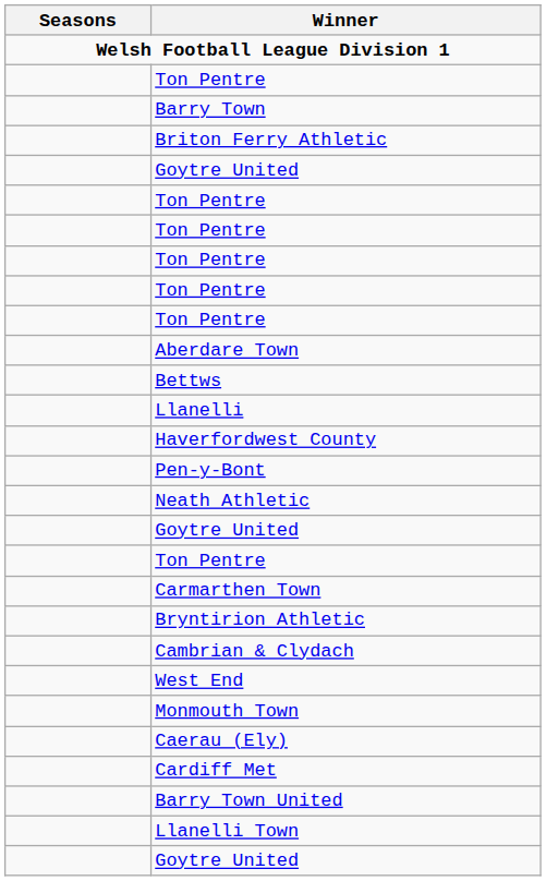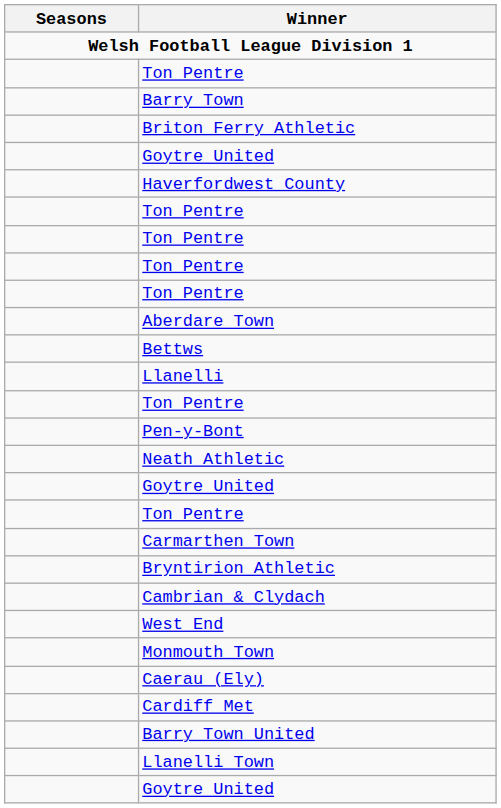 <table class="wikitable" style="width:30%">
 <tr>
 <th style="width:6%;">Seasons</th>
 <th style="width:24%;">Winner</th>
 </tr>
 <tr>
 <td colspan="2" style="text-align:center;"><strong>Welsh Football League Division 1</strong></td>
 </tr>
 <tr>
 <td></td>
 <td><a href='#'>Ton Pentre</a></td>
 </tr>
 <tr>
 <td></td>
 <td><a href='#'>Barry Town</a></td>
 </tr>
 <tr>
 <td></td>
 <td><a href='#'>Briton Ferry Athletic</a></td>
 </tr>
 <tr>
 <td></td>
 <td><a href='#'>Goytre United</a></td>
 </tr>
 <tr>
 <td></td>
-<td><a href='#'>Ton Pentre</a></td>
+<td><a href='#'>Haverfordwest County</a></td>
 </tr>
 <tr>
 <td></td>
 <td><a href='#'>Ton Pentre</a></td>
 </tr>
 <tr>
 <td></td>
 <td><a href='#'>Ton Pentre</a></td>
 </tr>
 <tr>
 <td></td>
 <td><a href='#'>Ton Pentre</a></td>
 </tr>
 <tr>
 <td></td>
 <td><a href='#'>Ton Pentre</a></td>
 </tr>
 <tr>
 <td></td>
 <td><a href='#'>Aberdare Town</a></td>
 </tr>
 <tr>
 <td></td>
 <td><a href='#'>Bettws</a></td>
 </tr>
 <tr>
 <td></td>
 <td><a href='#'>Llanelli</a></td>
 </tr>
 <tr>
 <td></td>
-<td><a href='#'>Haverfordwest County</a></td>
+<td><a href='#'>Ton Pentre</a></td>
 </tr>
 <tr>
 <td></td>
 <td><a href='#'>Pen-y-Bont</a></td>
 </tr>
 <tr>
 <td></td>
 <td><a href='#'>Neath Athletic</a></td>
 </tr>
 <tr>
 <td></td>
 <td><a href='#'>Goytre United</a></td>
 </tr>
 <tr>
 <td></td>
 <td><a href='#'>Ton Pentre</a></td>
 </tr>
 <tr>
 <td></td>
 <td><a href='#'>Carmarthen Town</a></td>
 </tr>
 <tr>
 <td></td>
 <td><a href='#'>Bryntirion Athletic</a></td>
 </tr>
 <tr>
 <td></td>
 <td><a href='#'>Cambrian & Clydach</a></td>
 </tr>
 <tr>
 <td></td>
 <td><a href='#'>West End</a></td>
 </tr>
 <tr>
 <td></td>
 <td><a href='#'>Monmouth Town</a></td>
 </tr>
 <tr>
 <td></td>
 <td><a href='#'>Caerau (Ely)</a></td>
 </tr>
 <tr>
 <td></td>
 <td><a href='#'>Cardiff Met</a></td>
 </tr>
 <tr>
 <td></td>
 <td><a href='#'>Barry Town United</a></td>
 </tr>
 <tr>
 <td></td>
 <td><a href='#'>Llanelli Town</a></td>
 </tr>
 <tr>
 <td></td>
 <td><a href='#'>Goytre United</a></td>
 </tr>
 </table>
